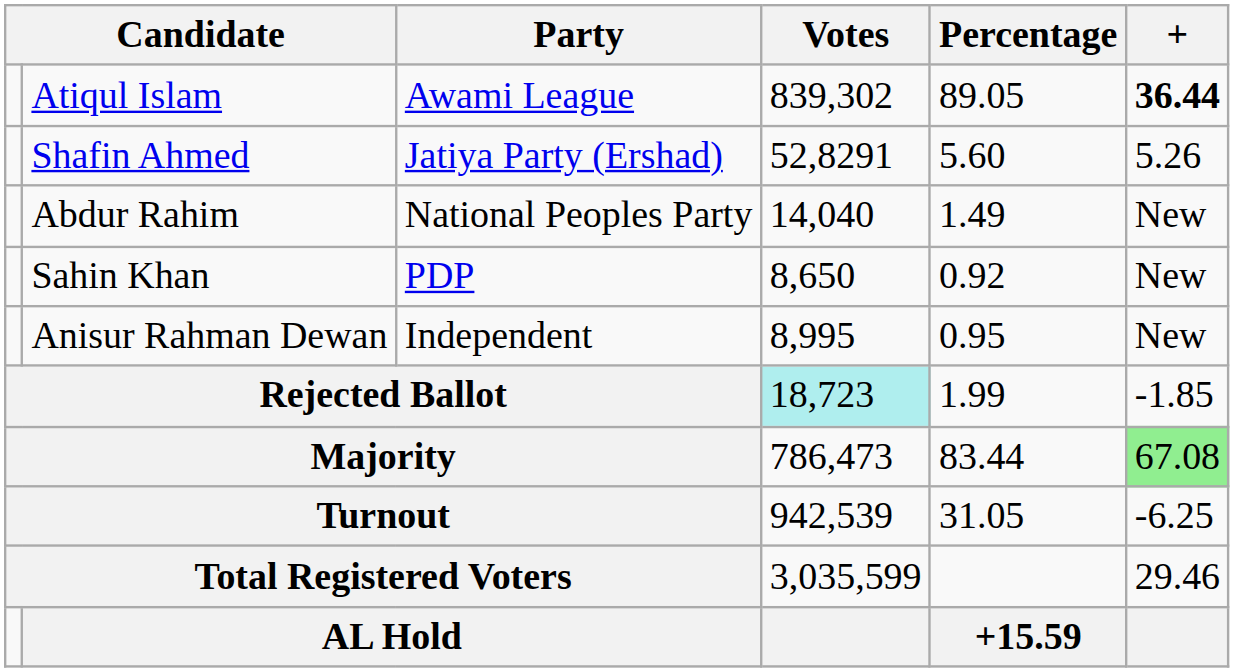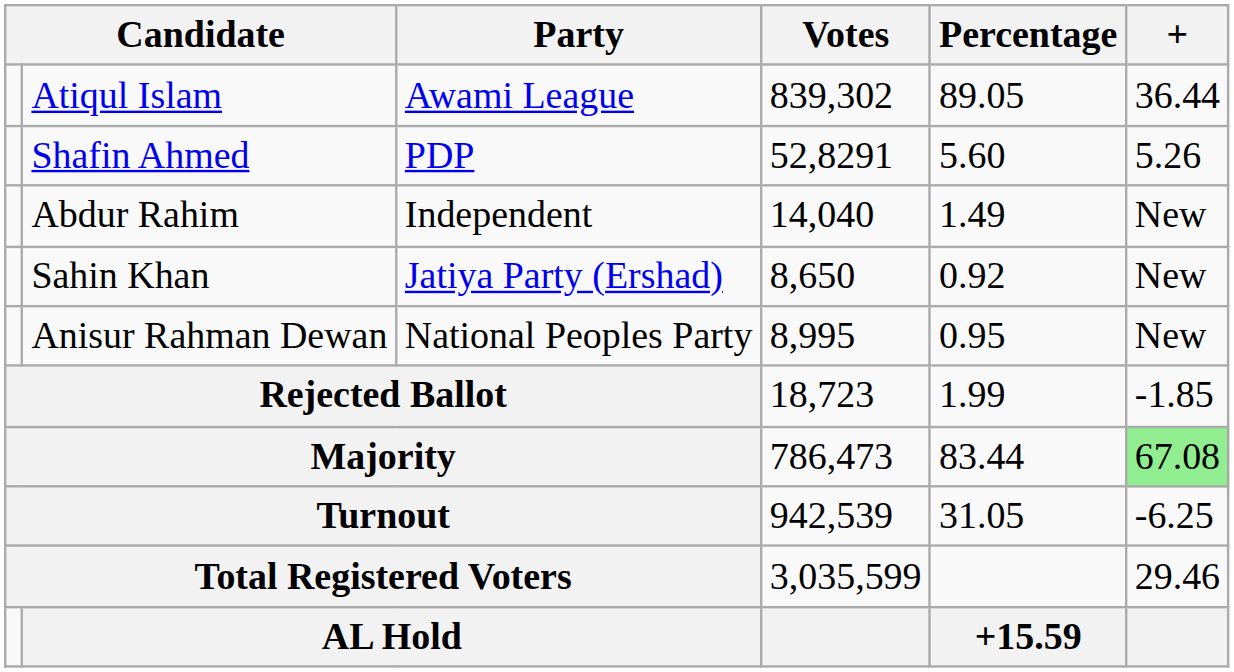 <table class="wikitable">
 <tr>
 <th colspan=2>Candidate</th>
 <th>Party</th>
 <th>Votes</th>
 <th>Percentage</th>
 <th>+</th>
 </tr>
 <tr>
 <td style="background-color:"></td>
 <td><a href='#'>Atiqul Islam</a></td>
 <td><a href='#'>Awami League</a></td>
 <td>839,302</td>
 <td>89.05</td>
-<td><strong>36.44</strong></td>
+<td>36.44</td>
 </tr>
 <tr>
 <td style="background-color:"></td>
 <td><a href='#'>Shafin Ahmed</a></td>
-<td><a href='#'>Jatiya Party (Ershad)</a></td>
+<td><a href='#'>PDP</a></td>
 <td>52,8291</td>
 <td>5.60</td>
 <td>5.26</td>
 </tr>
 <tr>
 <td style="background-color:"></td>
 <td>Abdur Rahim</td>
-<td>National Peoples Party</td>
+<td>Independent</td>
 <td>14,040</td>
 <td>1.49</td>
 <td>New</td>
 </tr>
 <tr>
 <td style="background-color:"></td>
 <td>Sahin Khan</td>
-<td><a href='#'>PDP</a></td>
+<td><a href='#'>Jatiya Party (Ershad)</a></td>
 <td>8,650</td>
 <td>0.92</td>
 <td>New</td>
 </tr>
 <tr>
 <td style="background-color:"></td>
 <td>Anisur Rahman Dewan</td>
-<td>Independent</td>
+<td>National Peoples Party</td>
 <td>8,995</td>
 <td>0.95</td>
 <td>New</td>
 </tr>
 <tr>
 <th align=right colspan=3>Rejected Ballot</th>
-<td style="background: paleturquoise;">18,723</td>
+<td>18,723</td>
 <td>1.99</td>
 <td>-1.85</td>
 </tr>
 <tr>
 <th align=right colspan=3>Majority</th>
 <td>786,473</td>
 <td>83.44</td>
 <td style="background: lightgreen;">67.08</td>
 </tr>
 <tr>
 <th align=right colspan=3>Turnout</th>
 <td>942,539</td>
 <td>31.05</td>
 <td>-6.25</td>
 </tr>
 <tr>
 <th align=right colspan=3>Total Registered Voters</th>
 <td>3,035,599</td>
 <td></td>
 <td> 29.46</td>
 </tr>
 <tr>
 <td style="background-color:"></td>
 <th align=left colspan=2>AL Hold</th>
 <th></th>
 <th align=left>+15.59</th>
 <th></th>
 </tr>
 </table>
